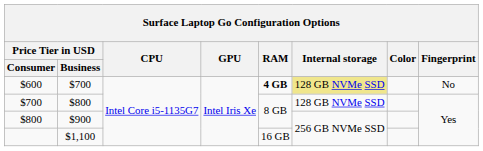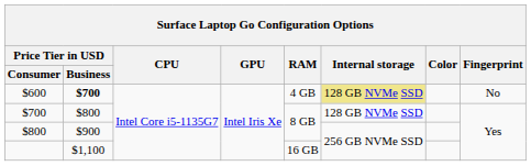 <table class="wikitable sortable collapsible" align="center" style="text-align:center;">
 <tr>
 <th colspan="8" style=" height:3em;">Surface Laptop Go Configuration Options</th>
 </tr>
 <tr>
 <th colspan="2">Price Tier in USD</th>
 <th rowspan="2">CPU</th>
 <th rowspan="2">GPU</th>
 <th rowspan="2">RAM</th>
 <th rowspan="2">Internal storage</th>
 <th rowspan="2">Color</th>
 <th rowspan="2">Fingerprint</th>
 </tr>
 <tr>
 <th>Consumer</th>
 <th>Business</th>
 </tr>
 <tr>
 <td>$600</td>
-<td>$700</td>
+<td><strong>$700</strong></td>
 <td rowspan="4"><a href='#'>Intel Core i5-1135G7</a></td>
 <td rowspan="4"><a href='#'>Intel Iris Xe</a></td>
-<td><strong>4 GB</strong></td>
+<td>4 GB</td>
 <td style="background: khaki;">128 GB <a href='#'>NVMe</a> <a href='#'>SSD</a></td>
 <td align="left"></td>
 <td>No</td>
 </tr>
 <tr>
 <td>$700</td>
 <td>$800</td>
 <td rowspan="2">8 GB</td>
 <td>128 GB <a href='#'>NVMe</a> <a href='#'>SSD</a></td>
 <td>   </td>
 <td rowspan="3">Yes</td>
 </tr>
 <tr>
 <td>$800</td>
 <td>$900</td>
 <td rowspan="2">256 GB NVMe SSD</td>
 <td>   </td>
 </tr>
 <tr>
 <td></td>
 <td>$1,100</td>
 <td>16 GB</td>
 <td>   </td>
 </tr>
 </table>
